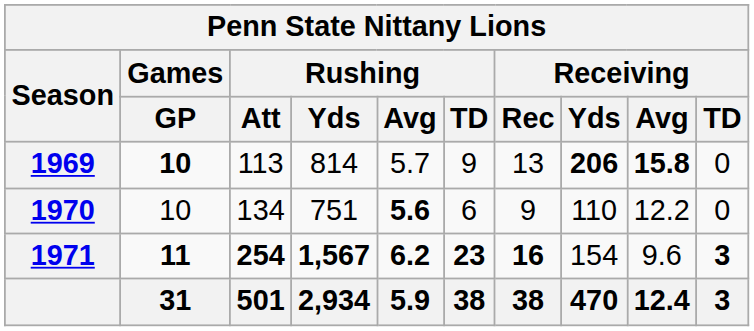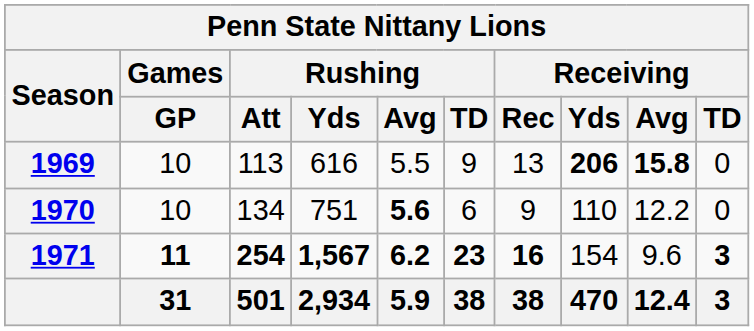 <table class="wikitable" style="text-align:center;">
 <tr>
 <th colspan="15">Penn State Nittany Lions</th>
 </tr>
 <tr>
 <th rowspan="2">Season</th>
 <th colspan="1">Games</th>
 <th colspan="4">Rushing</th>
 <th colspan="4">Receiving</th>
 </tr>
 <tr>
 <th>GP</th>
 <th>Att</th>
 <th>Yds</th>
 <th>Avg</th>
 <th>TD</th>
 <th>Rec</th>
 <th>Yds</th>
 <th>Avg</th>
 <th>TD</th>
 </tr>
 <tr>
 <th><a href='#'>1969</a></th>
-<td><strong>10</strong></td>
+<td>10</td>
 <td>113</td>
-<td>814</td>
-<td>5.7</td>
+<td>616</td>
+<td>5.5</td>
 <td>9</td>
 <td>13</td>
 <td><strong>206</strong></td>
 <td><strong>15.8</strong></td>
 <td>0</td>
 </tr>
 <tr>
 <th><a href='#'>1970</a></th>
 <td>10</td>
 <td>134</td>
 <td>751</td>
 <td><strong>5.6</strong></td>
 <td>6</td>
 <td>9</td>
 <td>110</td>
 <td>12.2</td>
 <td>0</td>
 </tr>
 <tr>
 <th><a href='#'>1971</a></th>
 <td><strong>11</strong></td>
 <td><strong>254</strong></td>
 <td><strong>1,567</strong></td>
 <td><strong>6.2</strong></td>
 <td><strong>23</strong></td>
 <td><strong>16</strong></td>
 <td>154</td>
 <td>9.6</td>
 <td><strong>3</strong></td>
 </tr>
 <tr>
 <th></th>
 <th>31</th>
 <th>501</th>
 <th>2,934</th>
 <th>5.9</th>
 <th>38</th>
 <th>38</th>
 <th>470</th>
 <th>12.4</th>
 <th>3</th>
 </tr>
 </table>
